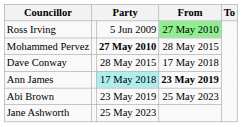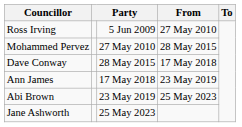 <table class=wikitable>
 <tr>
 <th>Councillor</th>
 <th colspan=2>Party</th>
 <th>From</th>
 <th>To</th>
 </tr>
 <tr>
 <td>Ross Irving</td>
 <td></td>
 <td align=right>5 Jun 2009</td>
-<td align=right style="background: lightgreen;">27 May 2010</td>
+<td align=right>27 May 2010</td>
 </tr>
 <tr>
 <td>Mohammed Pervez</td>
 <td></td>
-<td align=right><strong>27 May 2010</strong></td>
+<td align=right>27 May 2010</td>
 <td align=right>28 May 2015</td>
 </tr>
 <tr>
 <td>Dave Conway</td>
 <td></td>
 <td align=right>28 May 2015</td>
 <td align=right>17 May 2018</td>
 </tr>
 <tr>
 <td>Ann James</td>
 <td></td>
-<td align=right style="background: paleturquoise;">17 May 2018</td>
-<td align=right><strong>23 May 2019</strong></td>
+<td align=right>17 May 2018</td>
+<td align=right>23 May 2019</td>
 </tr>
 <tr>
 <td>Abi Brown</td>
 <td></td>
 <td align=right>23 May 2019</td>
 <td align=right>25 May 2023</td>
 </tr>
 <tr>
 <td>Jane Ashworth</td>
 <td></td>
 <td align=right>25 May 2023</td>
 <td align=right></td>
 </tr>
 </table>
